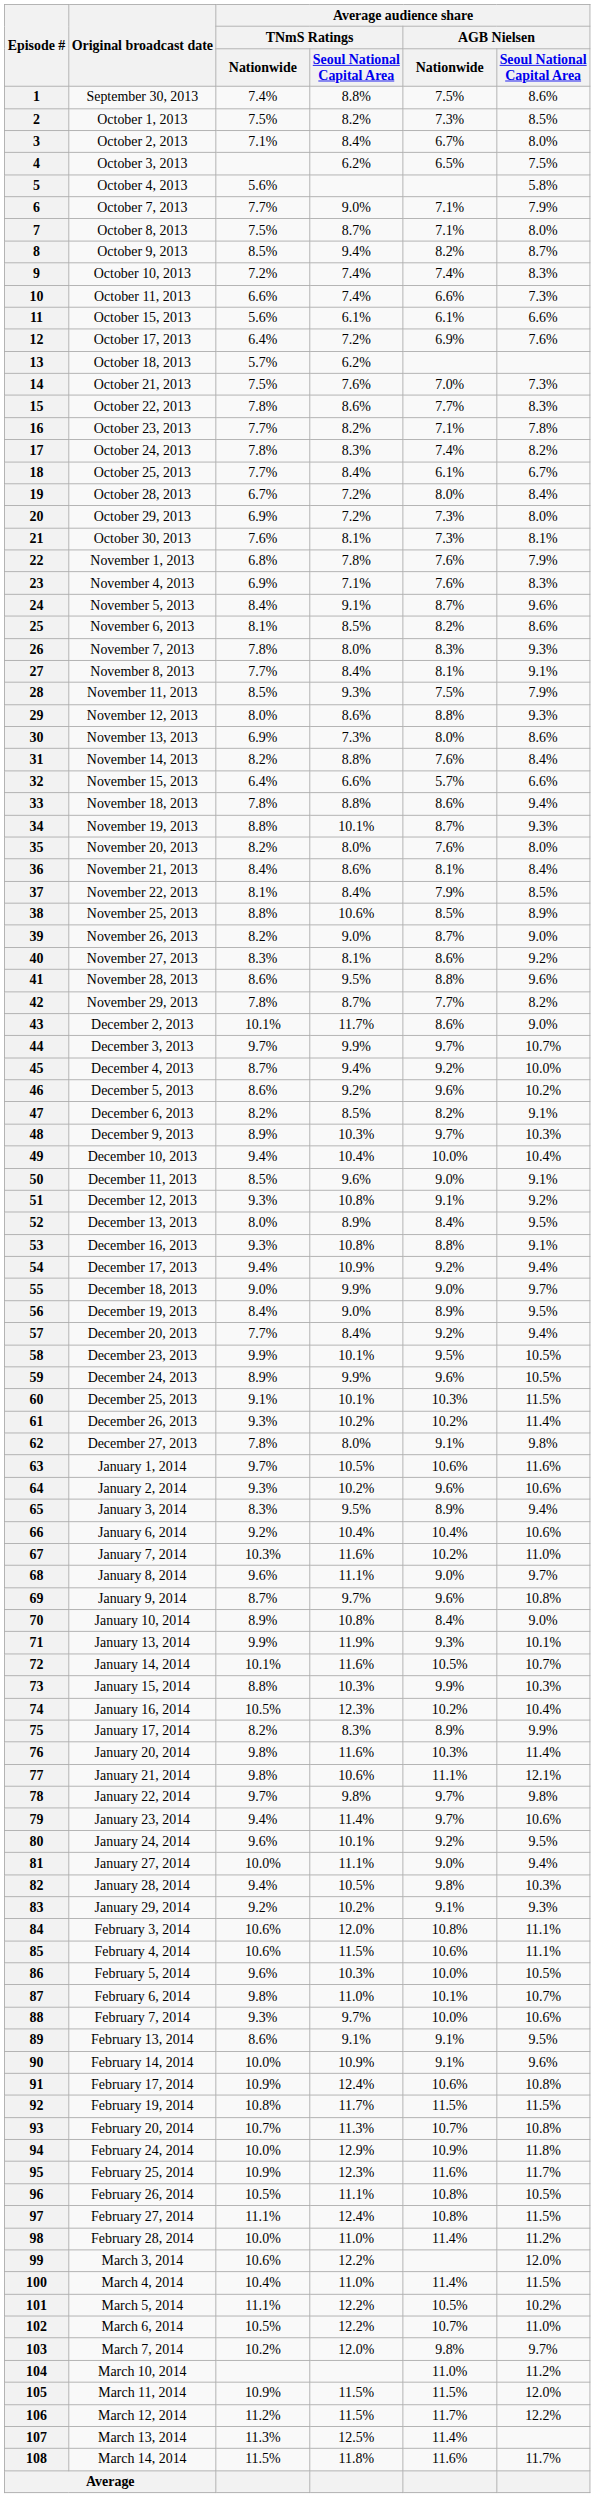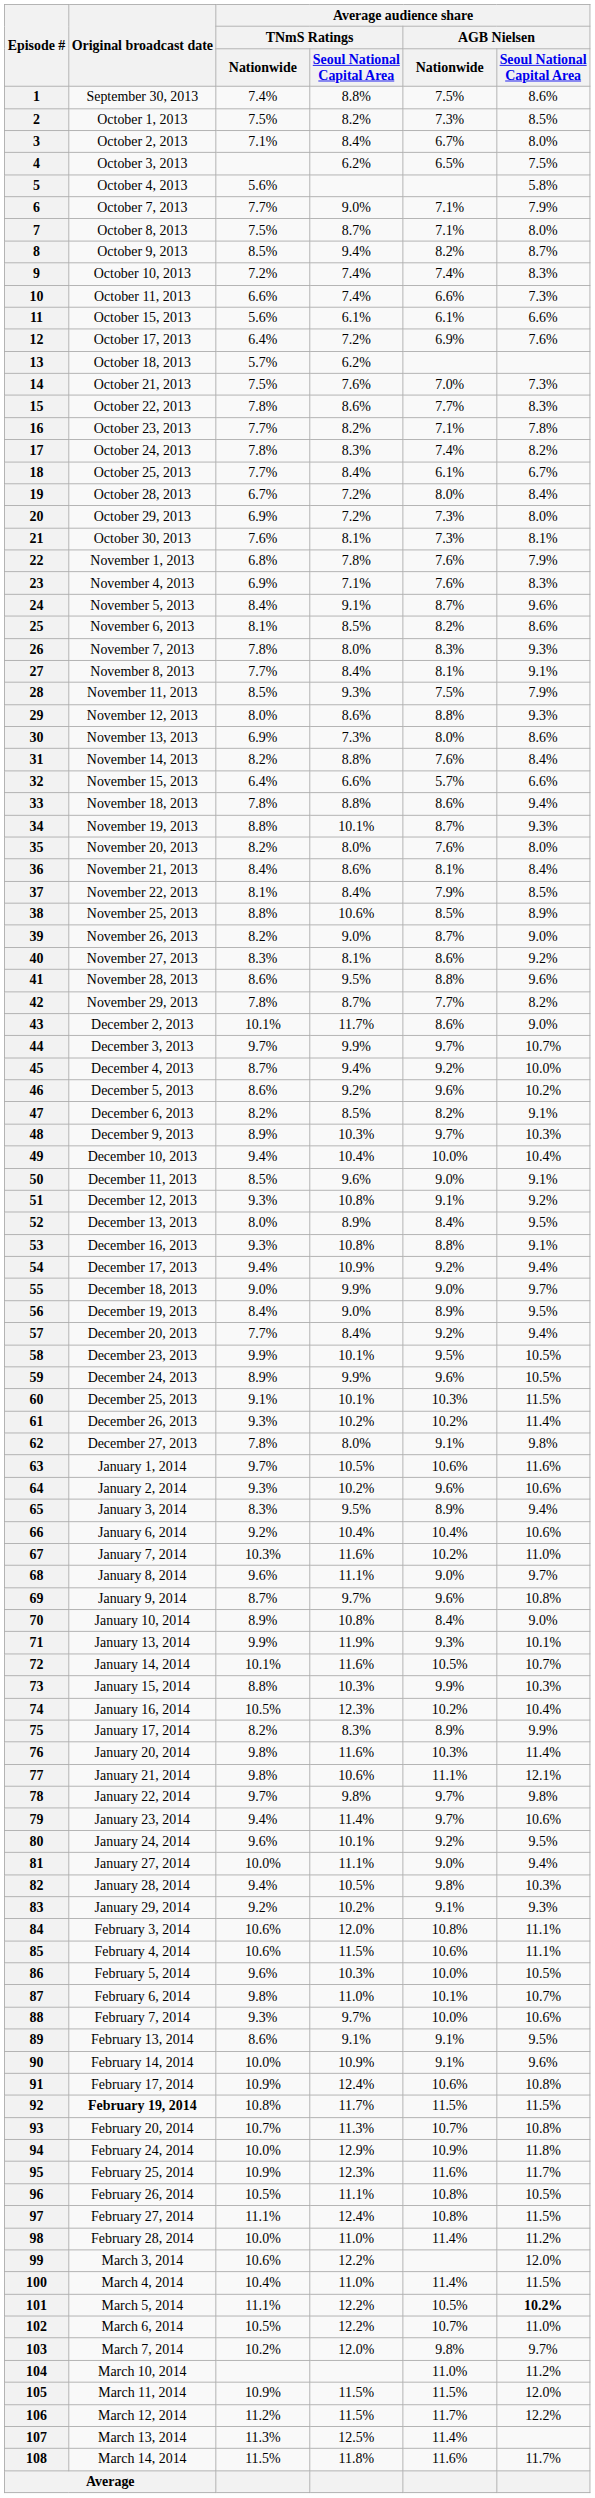 <table class="wikitable" style="text-align:center">
 <tr>
 <th rowspan="3">Episode #</th>
 <th rowspan="3">Original broadcast date</th>
 <th colspan="4">Average audience share</th>
 </tr>
 <tr>
 <th colspan="2">TNmS Ratings</th>
 <th colspan="2">AGB Nielsen</th>
 </tr>
 <tr>
 <th width=100>Nationwide</th>
 <th width=100><a href='#'>Seoul National Capital Area</a></th>
 <th width=100>Nationwide</th>
 <th width=100><a href='#'>Seoul National Capital Area</a></th>
 </tr>
 <tr>
 <th>1</th>
 <td>September 30, 2013</td>
 <td>7.4%</td>
 <td>8.8%</td>
 <td>7.5%</td>
 <td>8.6%</td>
 </tr>
 <tr>
 <th>2</th>
 <td>October 1, 2013</td>
 <td>7.5%</td>
 <td>8.2%</td>
 <td>7.3%</td>
 <td>8.5%</td>
 </tr>
 <tr>
 <th>3</th>
 <td>October 2, 2013</td>
 <td>7.1%</td>
 <td>8.4%</td>
 <td>6.7%</td>
 <td>8.0%</td>
 </tr>
 <tr>
 <th>4</th>
 <td>October 3, 2013</td>
 <td></td>
 <td>6.2%</td>
 <td>6.5%</td>
 <td>7.5%</td>
 </tr>
 <tr>
 <th>5</th>
 <td>October 4, 2013</td>
 <td>5.6%</td>
 <td></td>
 <td></td>
 <td>5.8%</td>
 </tr>
 <tr>
 <th>6</th>
 <td>October 7, 2013</td>
 <td>7.7%</td>
 <td>9.0%</td>
 <td>7.1%</td>
 <td>7.9%</td>
 </tr>
 <tr>
 <th>7</th>
 <td>October 8, 2013</td>
 <td>7.5%</td>
 <td>8.7%</td>
 <td>7.1%</td>
 <td>8.0%</td>
 </tr>
 <tr>
 <th>8</th>
 <td>October 9, 2013</td>
 <td>8.5%</td>
 <td>9.4%</td>
 <td>8.2%</td>
 <td>8.7%</td>
 </tr>
 <tr>
 <th>9</th>
 <td>October 10, 2013</td>
 <td>7.2%</td>
 <td>7.4%</td>
 <td>7.4%</td>
 <td>8.3%</td>
 </tr>
 <tr>
 <th>10</th>
 <td>October 11, 2013</td>
 <td>6.6%</td>
 <td>7.4%</td>
 <td>6.6%</td>
 <td>7.3%</td>
 </tr>
 <tr>
 <th>11</th>
 <td>October 15, 2013</td>
 <td>5.6%</td>
 <td>6.1%</td>
 <td>6.1%</td>
 <td>6.6%</td>
 </tr>
 <tr>
 <th>12</th>
 <td>October 17, 2013</td>
 <td>6.4%</td>
 <td>7.2%</td>
 <td>6.9%</td>
 <td>7.6%</td>
 </tr>
 <tr>
 <th>13</th>
 <td>October 18, 2013</td>
 <td>5.7%</td>
 <td>6.2%</td>
 <td></td>
 <td></td>
 </tr>
 <tr>
 <th>14</th>
 <td>October 21, 2013</td>
 <td>7.5%</td>
 <td>7.6%</td>
 <td>7.0%</td>
 <td>7.3%</td>
 </tr>
 <tr>
 <th>15</th>
 <td>October 22, 2013</td>
 <td>7.8%</td>
 <td>8.6%</td>
 <td>7.7%</td>
 <td>8.3%</td>
 </tr>
 <tr>
 <th>16</th>
 <td>October 23, 2013</td>
 <td>7.7%</td>
 <td>8.2%</td>
 <td>7.1%</td>
 <td>7.8%</td>
 </tr>
 <tr>
 <th>17</th>
 <td>October 24, 2013</td>
 <td>7.8%</td>
 <td>8.3%</td>
 <td>7.4%</td>
 <td>8.2%</td>
 </tr>
 <tr>
 <th>18</th>
 <td>October 25, 2013</td>
 <td>7.7%</td>
 <td>8.4%</td>
 <td>6.1%</td>
 <td>6.7%</td>
 </tr>
 <tr>
 <th>19</th>
 <td>October 28, 2013</td>
 <td>6.7%</td>
 <td>7.2%</td>
 <td>8.0%</td>
 <td>8.4%</td>
 </tr>
 <tr>
 <th>20</th>
 <td>October 29, 2013</td>
 <td>6.9%</td>
 <td>7.2%</td>
 <td>7.3%</td>
 <td>8.0%</td>
 </tr>
 <tr>
 <th>21</th>
 <td>October 30, 2013</td>
 <td>7.6%</td>
 <td>8.1%</td>
 <td>7.3%</td>
 <td>8.1%</td>
 </tr>
 <tr>
 <th>22</th>
 <td>November 1, 2013</td>
 <td>6.8%</td>
 <td>7.8%</td>
 <td>7.6%</td>
 <td>7.9%</td>
 </tr>
 <tr>
 <th>23</th>
 <td>November 4, 2013</td>
 <td>6.9%</td>
 <td>7.1%</td>
 <td>7.6%</td>
 <td>8.3%</td>
 </tr>
 <tr>
 <th>24</th>
 <td>November 5, 2013</td>
 <td>8.4%</td>
 <td>9.1%</td>
 <td>8.7%</td>
 <td>9.6%</td>
 </tr>
 <tr>
 <th>25</th>
 <td>November 6, 2013</td>
 <td>8.1%</td>
 <td>8.5%</td>
 <td>8.2%</td>
 <td>8.6%</td>
 </tr>
 <tr>
 <th>26</th>
 <td>November 7, 2013</td>
 <td>7.8%</td>
 <td>8.0%</td>
 <td>8.3%</td>
 <td>9.3%</td>
 </tr>
 <tr>
 <th>27</th>
 <td>November 8, 2013</td>
 <td>7.7%</td>
 <td>8.4%</td>
 <td>8.1%</td>
 <td>9.1%</td>
 </tr>
 <tr>
 <th>28</th>
 <td>November 11, 2013</td>
 <td>8.5%</td>
 <td>9.3%</td>
 <td>7.5%</td>
 <td>7.9%</td>
 </tr>
 <tr>
 <th>29</th>
 <td>November 12, 2013</td>
 <td>8.0%</td>
 <td>8.6%</td>
 <td>8.8%</td>
 <td>9.3%</td>
 </tr>
 <tr>
 <th>30</th>
 <td>November 13, 2013</td>
 <td>6.9%</td>
 <td>7.3%</td>
 <td>8.0%</td>
 <td>8.6%</td>
 </tr>
 <tr>
 <th>31</th>
 <td>November 14, 2013</td>
 <td>8.2%</td>
 <td>8.8%</td>
 <td>7.6%</td>
 <td>8.4%</td>
 </tr>
 <tr>
 <th>32</th>
 <td>November 15, 2013</td>
 <td>6.4%</td>
 <td>6.6%</td>
 <td>5.7%</td>
 <td>6.6%</td>
 </tr>
 <tr>
 <th>33</th>
 <td>November 18, 2013</td>
 <td>7.8%</td>
 <td>8.8%</td>
 <td>8.6%</td>
 <td>9.4%</td>
 </tr>
 <tr>
 <th>34</th>
 <td>November 19, 2013</td>
 <td>8.8%</td>
 <td>10.1%</td>
 <td>8.7%</td>
 <td>9.3%</td>
 </tr>
 <tr>
 <th>35</th>
 <td>November 20, 2013</td>
 <td>8.2%</td>
 <td>8.0%</td>
 <td>7.6%</td>
 <td>8.0%</td>
 </tr>
 <tr>
 <th>36</th>
 <td>November 21, 2013</td>
 <td>8.4%</td>
 <td>8.6%</td>
 <td>8.1%</td>
 <td>8.4%</td>
 </tr>
 <tr>
 <th>37</th>
 <td>November 22, 2013</td>
 <td>8.1%</td>
 <td>8.4%</td>
 <td>7.9%</td>
 <td>8.5%</td>
 </tr>
 <tr>
 <th>38</th>
 <td>November 25, 2013</td>
 <td>8.8%</td>
 <td>10.6%</td>
 <td>8.5%</td>
 <td>8.9%</td>
 </tr>
 <tr>
 <th>39</th>
 <td>November 26, 2013</td>
 <td>8.2%</td>
 <td>9.0%</td>
 <td>8.7%</td>
 <td>9.0%</td>
 </tr>
 <tr>
 <th>40</th>
 <td>November 27, 2013</td>
 <td>8.3%</td>
 <td>8.1%</td>
 <td>8.6%</td>
 <td>9.2%</td>
 </tr>
 <tr>
 <th>41</th>
 <td>November 28, 2013</td>
 <td>8.6%</td>
 <td>9.5%</td>
 <td>8.8%</td>
 <td>9.6%</td>
 </tr>
 <tr>
 <th>42</th>
 <td>November 29, 2013</td>
 <td>7.8%</td>
 <td>8.7%</td>
 <td>7.7%</td>
 <td>8.2%</td>
 </tr>
 <tr>
 <th>43</th>
 <td>December 2, 2013</td>
 <td>10.1%</td>
 <td>11.7%</td>
 <td>8.6%</td>
 <td>9.0%</td>
 </tr>
 <tr>
 <th>44</th>
 <td>December 3, 2013</td>
 <td>9.7%</td>
 <td>9.9%</td>
 <td>9.7%</td>
 <td>10.7%</td>
 </tr>
 <tr>
 <th>45</th>
 <td>December 4, 2013</td>
 <td>8.7%</td>
 <td>9.4%</td>
 <td>9.2%</td>
 <td>10.0%</td>
 </tr>
 <tr>
 <th>46</th>
 <td>December 5, 2013</td>
 <td>8.6%</td>
 <td>9.2%</td>
 <td>9.6%</td>
 <td>10.2%</td>
 </tr>
 <tr>
 <th>47</th>
 <td>December 6, 2013</td>
 <td>8.2%</td>
 <td>8.5%</td>
 <td>8.2%</td>
 <td>9.1%</td>
 </tr>
 <tr>
 <th>48</th>
 <td>December 9, 2013</td>
 <td>8.9%</td>
 <td>10.3%</td>
 <td>9.7%</td>
 <td>10.3%</td>
 </tr>
 <tr>
 <th>49</th>
 <td>December 10, 2013</td>
 <td>9.4%</td>
 <td>10.4%</td>
 <td>10.0%</td>
 <td>10.4%</td>
 </tr>
 <tr>
 <th>50</th>
 <td>December 11, 2013</td>
 <td>8.5%</td>
 <td>9.6%</td>
 <td>9.0%</td>
 <td>9.1%</td>
 </tr>
 <tr>
 <th>51</th>
 <td>December 12, 2013</td>
 <td>9.3%</td>
 <td>10.8%</td>
 <td>9.1%</td>
 <td>9.2%</td>
 </tr>
 <tr>
 <th>52</th>
 <td>December 13, 2013</td>
 <td>8.0%</td>
 <td>8.9%</td>
 <td>8.4%</td>
 <td>9.5%</td>
 </tr>
 <tr>
 <th>53</th>
 <td>December 16, 2013</td>
 <td>9.3%</td>
 <td>10.8%</td>
 <td>8.8%</td>
 <td>9.1%</td>
 </tr>
 <tr>
 <th>54</th>
 <td>December 17, 2013</td>
 <td>9.4%</td>
 <td>10.9%</td>
 <td>9.2%</td>
 <td>9.4%</td>
 </tr>
 <tr>
 <th>55</th>
 <td>December 18, 2013</td>
 <td>9.0%</td>
 <td>9.9%</td>
 <td>9.0%</td>
 <td>9.7%</td>
 </tr>
 <tr>
 <th>56</th>
 <td>December 19, 2013</td>
 <td>8.4%</td>
 <td>9.0%</td>
 <td>8.9%</td>
 <td>9.5%</td>
 </tr>
 <tr>
 <th>57</th>
 <td>December 20, 2013</td>
 <td>7.7%</td>
 <td>8.4%</td>
 <td>9.2%</td>
 <td>9.4%</td>
 </tr>
 <tr>
 <th>58</th>
 <td>December 23, 2013</td>
 <td>9.9%</td>
 <td>10.1%</td>
 <td>9.5%</td>
 <td>10.5%</td>
 </tr>
 <tr>
 <th>59</th>
 <td>December 24, 2013</td>
 <td>8.9%</td>
 <td>9.9%</td>
 <td>9.6%</td>
 <td>10.5%</td>
 </tr>
 <tr>
 <th>60</th>
 <td>December 25, 2013</td>
 <td>9.1%</td>
 <td>10.1%</td>
 <td>10.3%</td>
 <td>11.5%</td>
 </tr>
 <tr>
 <th>61</th>
 <td>December 26, 2013</td>
 <td>9.3%</td>
 <td>10.2%</td>
 <td>10.2%</td>
 <td>11.4%</td>
 </tr>
 <tr>
 <th>62</th>
 <td>December 27, 2013</td>
 <td>7.8%</td>
 <td>8.0%</td>
 <td>9.1%</td>
 <td>9.8%</td>
 </tr>
 <tr>
 <th>63</th>
 <td>January 1, 2014</td>
 <td>9.7%</td>
 <td>10.5%</td>
 <td>10.6%</td>
 <td>11.6%</td>
 </tr>
 <tr>
 <th>64</th>
 <td>January 2, 2014</td>
 <td>9.3%</td>
 <td>10.2%</td>
 <td>9.6%</td>
 <td>10.6%</td>
 </tr>
 <tr>
 <th>65</th>
 <td>January 3, 2014</td>
 <td>8.3%</td>
 <td>9.5%</td>
 <td>8.9%</td>
 <td>9.4%</td>
 </tr>
 <tr>
 <th>66</th>
 <td>January 6, 2014</td>
 <td>9.2%</td>
 <td>10.4%</td>
 <td>10.4%</td>
 <td>10.6%</td>
 </tr>
 <tr>
 <th>67</th>
 <td>January 7, 2014</td>
 <td>10.3%</td>
 <td>11.6%</td>
 <td>10.2%</td>
 <td>11.0%</td>
 </tr>
 <tr>
 <th>68</th>
 <td>January 8, 2014</td>
 <td>9.6%</td>
 <td>11.1%</td>
 <td>9.0%</td>
 <td>9.7%</td>
 </tr>
 <tr>
 <th>69</th>
 <td>January 9, 2014</td>
 <td>8.7%</td>
 <td>9.7%</td>
 <td>9.6%</td>
 <td>10.8%</td>
 </tr>
 <tr>
 <th>70</th>
 <td>January 10, 2014</td>
 <td>8.9%</td>
 <td>10.8%</td>
 <td>8.4%</td>
 <td>9.0%</td>
 </tr>
 <tr>
 <th>71</th>
 <td>January 13, 2014</td>
 <td>9.9%</td>
 <td>11.9%</td>
 <td>9.3%</td>
 <td>10.1%</td>
 </tr>
 <tr>
 <th>72</th>
 <td>January 14, 2014</td>
 <td>10.1%</td>
 <td>11.6%</td>
 <td>10.5%</td>
 <td>10.7%</td>
 </tr>
 <tr>
 <th>73</th>
 <td>January 15, 2014</td>
 <td>8.8%</td>
 <td>10.3%</td>
 <td>9.9%</td>
 <td>10.3%</td>
 </tr>
 <tr>
 <th>74</th>
 <td>January 16, 2014</td>
 <td>10.5%</td>
 <td>12.3%</td>
 <td>10.2%</td>
 <td>10.4%</td>
 </tr>
 <tr>
 <th>75</th>
 <td>January 17, 2014</td>
 <td>8.2%</td>
 <td>8.3%</td>
 <td>8.9%</td>
 <td>9.9%</td>
 </tr>
 <tr>
 <th>76</th>
 <td>January 20, 2014</td>
 <td>9.8%</td>
 <td>11.6%</td>
 <td>10.3%</td>
 <td>11.4%</td>
 </tr>
 <tr>
 <th>77</th>
 <td>January 21, 2014</td>
 <td>9.8%</td>
 <td>10.6%</td>
 <td>11.1%</td>
 <td>12.1%</td>
 </tr>
 <tr>
 <th>78</th>
 <td>January 22, 2014</td>
 <td>9.7%</td>
 <td>9.8%</td>
 <td>9.7%</td>
 <td>9.8%</td>
 </tr>
 <tr>
 <th>79</th>
 <td>January 23, 2014</td>
 <td>9.4%</td>
 <td>11.4%</td>
 <td>9.7%</td>
 <td>10.6%</td>
 </tr>
 <tr>
 <th>80</th>
 <td>January 24, 2014</td>
 <td>9.6%</td>
 <td>10.1%</td>
 <td>9.2%</td>
 <td>9.5%</td>
 </tr>
 <tr>
 <th>81</th>
 <td>January 27, 2014</td>
 <td>10.0%</td>
 <td>11.1%</td>
 <td>9.0%</td>
 <td>9.4%</td>
 </tr>
 <tr>
 <th>82</th>
 <td>January 28, 2014</td>
 <td>9.4%</td>
 <td>10.5%</td>
 <td>9.8%</td>
 <td>10.3%</td>
 </tr>
 <tr>
 <th>83</th>
 <td>January 29, 2014</td>
 <td>9.2%</td>
 <td>10.2%</td>
 <td>9.1%</td>
 <td>9.3%</td>
 </tr>
 <tr>
 <th>84</th>
 <td>February 3, 2014</td>
 <td>10.6%</td>
 <td>12.0%</td>
 <td>10.8%</td>
 <td>11.1%</td>
 </tr>
 <tr>
 <th>85</th>
 <td>February 4, 2014</td>
 <td>10.6%</td>
 <td>11.5%</td>
 <td>10.6%</td>
 <td>11.1%</td>
 </tr>
 <tr>
 <th>86</th>
 <td>February 5, 2014</td>
 <td>9.6%</td>
 <td>10.3%</td>
 <td>10.0%</td>
 <td>10.5%</td>
 </tr>
 <tr>
 <th>87</th>
 <td>February 6, 2014</td>
 <td>9.8%</td>
 <td>11.0%</td>
 <td>10.1%</td>
 <td>10.7%</td>
 </tr>
 <tr>
 <th>88</th>
 <td>February 7, 2014</td>
 <td>9.3%</td>
 <td>9.7%</td>
 <td>10.0%</td>
 <td>10.6%</td>
 </tr>
 <tr>
 <th>89</th>
 <td>February 13, 2014</td>
 <td>8.6%</td>
 <td>9.1%</td>
 <td>9.1%</td>
 <td>9.5%</td>
 </tr>
 <tr>
 <th>90</th>
 <td>February 14, 2014</td>
 <td>10.0%</td>
 <td>10.9%</td>
 <td>9.1%</td>
 <td>9.6%</td>
 </tr>
 <tr>
 <th>91</th>
 <td>February 17, 2014</td>
 <td>10.9%</td>
 <td>12.4%</td>
 <td>10.6%</td>
 <td>10.8%</td>
 </tr>
 <tr>
 <th>92</th>
-<td>February 19, 2014</td>
+<td><strong>February 19, 2014</strong></td>
 <td>10.8%</td>
 <td>11.7%</td>
 <td>11.5%</td>
 <td>11.5%</td>
 </tr>
 <tr>
 <th>93</th>
 <td>February 20, 2014</td>
 <td>10.7%</td>
 <td>11.3%</td>
 <td>10.7%</td>
 <td>10.8%</td>
 </tr>
 <tr>
 <th>94</th>
 <td>February 24, 2014</td>
 <td>10.0%</td>
 <td>12.9%</td>
 <td>10.9%</td>
 <td>11.8%</td>
 </tr>
 <tr>
 <th>95</th>
 <td>February 25, 2014</td>
 <td>10.9%</td>
 <td>12.3%</td>
 <td>11.6%</td>
 <td>11.7%</td>
 </tr>
 <tr>
 <th>96</th>
 <td>February 26, 2014</td>
 <td>10.5%</td>
 <td>11.1%</td>
 <td>10.8%</td>
 <td>10.5%</td>
 </tr>
 <tr>
 <th>97</th>
 <td>February 27, 2014</td>
 <td>11.1%</td>
 <td>12.4%</td>
 <td>10.8%</td>
 <td>11.5%</td>
 </tr>
 <tr>
 <th>98</th>
 <td>February 28, 2014</td>
 <td>10.0%</td>
 <td>11.0%</td>
 <td>11.4%</td>
 <td>11.2%</td>
 </tr>
 <tr>
 <th>99</th>
 <td>March 3, 2014</td>
 <td>10.6%</td>
 <td>12.2%</td>
 <td></td>
 <td>12.0%</td>
 </tr>
 <tr>
 <th>100</th>
 <td>March 4, 2014</td>
 <td>10.4%</td>
 <td>11.0%</td>
 <td>11.4%</td>
 <td>11.5%</td>
 </tr>
 <tr>
 <th>101</th>
 <td>March 5, 2014</td>
 <td>11.1%</td>
 <td>12.2%</td>
 <td>10.5%</td>
-<td>10.2%</td>
+<td><strong>10.2%</strong></td>
 </tr>
 <tr>
 <th>102</th>
 <td>March 6, 2014</td>
 <td>10.5%</td>
 <td>12.2%</td>
 <td>10.7%</td>
 <td>11.0%</td>
 </tr>
 <tr>
 <th>103</th>
 <td>March 7, 2014</td>
 <td>10.2%</td>
 <td>12.0%</td>
 <td>9.8%</td>
 <td>9.7%</td>
 </tr>
 <tr>
 <th>104</th>
 <td>March 10, 2014</td>
 <td></td>
 <td></td>
 <td>11.0%</td>
 <td>11.2%</td>
 </tr>
 <tr>
 <th>105</th>
 <td>March 11, 2014</td>
 <td>10.9%</td>
 <td>11.5%</td>
 <td>11.5%</td>
 <td>12.0%</td>
 </tr>
 <tr>
 <th>106</th>
 <td>March 12, 2014</td>
 <td>11.2%</td>
 <td>11.5%</td>
 <td>11.7%</td>
 <td>12.2%</td>
 </tr>
 <tr>
 <th>107</th>
 <td>March 13, 2014</td>
 <td>11.3%</td>
 <td>12.5%</td>
 <td>11.4%</td>
 <td></td>
 </tr>
 <tr>
 <th>108</th>
 <td>March 14, 2014</td>
 <td>11.5%</td>
 <td>11.8%</td>
 <td>11.6%</td>
 <td>11.7%</td>
 </tr>
 <tr>
 <th colspan=2>Average</th>
 <th></th>
 <th></th>
 <th></th>
 <th></th>
 </tr>
 </table>
